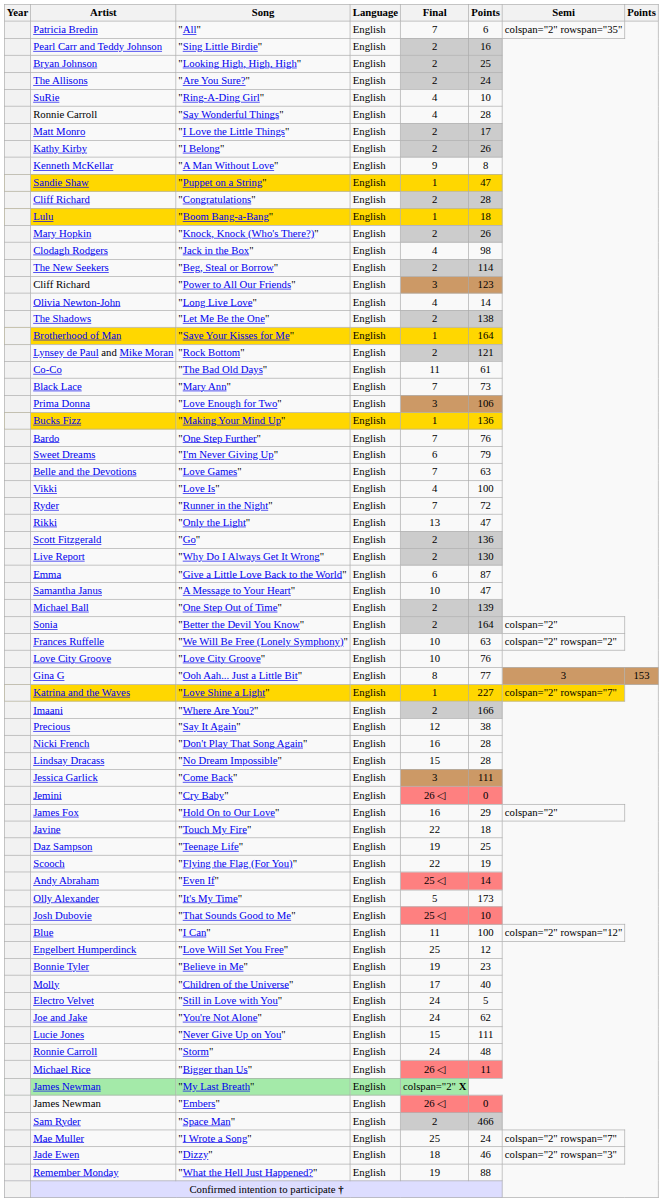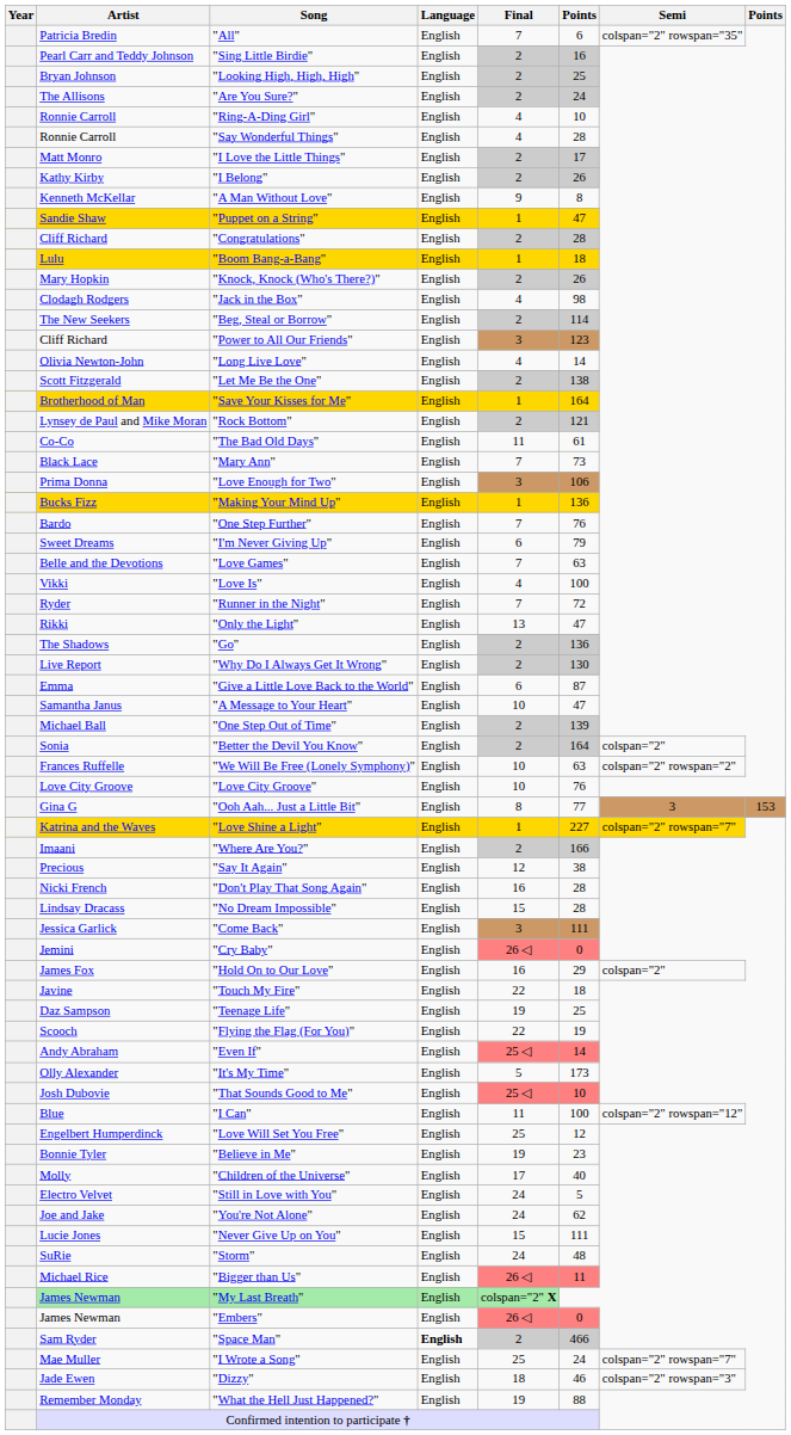 <table class="wikitable sortable plainrowheaders">
 <tr>
 <th scope="col">Year</th>
 <th scope="col">Artist</th>
 <th scope="col">Song</th>
 <th scope="col">Language</th>
 <th scope="col" data-sort-type="number">Final</th>
 <th scope="col" data-sort-type="number">Points</th>
 <th scope="col" class="unsortable">Semi</th>
 <th scope="col" class="unsortable">Points</th>
 </tr>
 <tr>
 <th scope="row" style="text-align:center;"></th>
 <td><a href='#'>Patricia Bredin</a></td>
 <td>"<a href='#'>All</a>"</td>
 <td>English</td>
 <td style="text-align:center;">7</td>
 <td style="text-align:center;">6</td>
 <td>colspan="2" rowspan="35" </td>
 </tr>
 <tr>
 <th scope="row" style="text-align:center;"></th>
 <td><a href='#'>Pearl Carr and Teddy Johnson</a></td>
 <td>"<a href='#'>Sing Little Birdie</a>"</td>
 <td>English</td>
 <td style="text-align:center; background-color:#CCC;">2</td>
 <td style="text-align:center; background-color:#CCC;">16</td>
 </tr>
 <tr>
 <th scope="row" style="text-align:center;"></th>
 <td><a href='#'>Bryan Johnson</a></td>
 <td>"<a href='#'>Looking High, High, High</a>"</td>
 <td>English</td>
 <td style="text-align:center; background-color:#CCC;">2</td>
 <td style="text-align:center; background-color:#CCC;">25</td>
 </tr>
 <tr>
 <th scope="row" style="text-align:center;"></th>
 <td><a href='#'>The Allisons</a></td>
 <td>"<a href='#'>Are You Sure?</a>"</td>
 <td>English</td>
 <td style="text-align:center; background-color:#CCC;">2</td>
 <td style="text-align:center; background-color:#CCC;">24</td>
 </tr>
 <tr>
 <th scope="row" style="text-align:center;"></th>
-<td><a href='#'>SuRie</a></td>
+<td><a href='#'>Ronnie Carroll</a></td>
 <td>"<a href='#'>Ring-A-Ding Girl</a>"</td>
 <td>English</td>
 <td style="text-align:center;">4</td>
 <td style="text-align:center;">10</td>
 </tr>
 <tr>
 <th scope="row" style="text-align:center;"></th>
 <td>Ronnie Carroll</td>
 <td>"<a href='#'>Say Wonderful Things</a>"</td>
 <td>English</td>
 <td style="text-align:center;">4</td>
 <td style="text-align:center;">28</td>
 </tr>
 <tr>
 <th scope="row" style="text-align:center;"></th>
 <td><a href='#'>Matt Monro</a></td>
 <td>"<a href='#'>I Love the Little Things</a>"</td>
 <td>English</td>
 <td style="text-align:center; background-color:#CCC;">2</td>
 <td style="text-align:center; background-color:#CCC;">17</td>
 </tr>
 <tr>
 <th scope="row" style="text-align:center;"></th>
 <td><a href='#'>Kathy Kirby</a></td>
 <td>"<a href='#'>I Belong</a>"</td>
 <td>English</td>
 <td style="text-align:center; background-color:#CCC;">2</td>
 <td style="text-align:center; background-color:#CCC;">26</td>
 </tr>
 <tr>
 <th scope="row" style="text-align:center;"></th>
 <td><a href='#'>Kenneth McKellar</a></td>
 <td>"<a href='#'>A Man Without Love</a>"</td>
 <td>English</td>
 <td style="text-align:center;">9</td>
 <td style="text-align:center;">8</td>
 </tr>
 <tr style="background-color:#FFD700;">
 <th scope="row" style="text-align:center;"></th>
 <td><a href='#'>Sandie Shaw</a></td>
 <td>"<a href='#'>Puppet on a String</a>"</td>
 <td>English</td>
 <td style="text-align:center;">1</td>
 <td style="text-align:center;">47</td>
 </tr>
 <tr>
 <th scope="row" style="text-align:center;"></th>
 <td><a href='#'>Cliff Richard</a></td>
 <td>"<a href='#'>Congratulations</a>"</td>
 <td>English</td>
 <td style="text-align:center; background-color:#CCC;">2</td>
 <td style="text-align:center; background-color:#CCC;">28</td>
 </tr>
 <tr style="background-color:#FFD700;">
 <th scope="row" style="text-align:center;"></th>
 <td><a href='#'>Lulu</a></td>
 <td>"<a href='#'>Boom Bang-a-Bang</a>"</td>
 <td>English</td>
 <td style="text-align:center;">1</td>
 <td style="text-align:center;">18</td>
 </tr>
 <tr>
 <th scope="row" style="text-align:center;"></th>
 <td><a href='#'>Mary Hopkin</a></td>
 <td>"<a href='#'>Knock, Knock (Who's There?)</a>"</td>
 <td>English</td>
 <td style="text-align:center; background-color:#CCC;">2</td>
 <td style="text-align:center; background-color:#CCC;">26</td>
 </tr>
 <tr>
 <th scope="row" style="text-align:center;"></th>
 <td><a href='#'>Clodagh Rodgers</a></td>
 <td>"<a href='#'>Jack in the Box</a>"</td>
 <td>English</td>
 <td style="text-align:center;">4</td>
 <td style="text-align:center;">98</td>
 </tr>
 <tr>
 <th scope="row" style="text-align:center;"></th>
 <td><a href='#'>The New Seekers</a></td>
 <td>"<a href='#'>Beg, Steal or Borrow</a>"</td>
 <td>English</td>
 <td style="text-align:center; background-color:#CCC;">2</td>
 <td style="text-align:center; background-color:#CCC;">114</td>
 </tr>
 <tr>
 <th scope="row" style="text-align:center;"></th>
 <td>Cliff Richard</td>
 <td>"<a href='#'>Power to All Our Friends</a>"</td>
 <td>English</td>
 <td style="text-align:center; background-color:#C96;">3</td>
 <td style="text-align:center; background-color:#C96;">123</td>
 </tr>
 <tr>
 <th scope="row" style="text-align:center;"></th>
 <td><a href='#'>Olivia Newton-John</a></td>
 <td>"<a href='#'>Long Live Love</a>"</td>
 <td>English</td>
 <td style="text-align:center;">4</td>
 <td style="text-align:center;">14</td>
 </tr>
 <tr>
 <th scope="row" style="text-align:center;"></th>
-<td><a href='#'>The Shadows</a></td>
+<td><a href='#'>Scott Fitzgerald</a></td>
 <td>"<a href='#'>Let Me Be the One</a>"</td>
 <td>English</td>
 <td style="text-align:center; background-color:#CCC;">2</td>
 <td style="text-align:center; background-color:#CCC;">138</td>
 </tr>
 <tr style="background-color:#FFD700;">
 <th scope="row" style="text-align:center;"></th>
 <td><a href='#'>Brotherhood of Man</a></td>
 <td>"<a href='#'>Save Your Kisses for Me</a>"</td>
 <td>English</td>
 <td style="text-align:center;">1</td>
 <td style="text-align:center;">164</td>
 </tr>
 <tr>
 <th scope="row" style="text-align:center;"></th>
 <td><a href='#'>Lynsey de Paul</a> and <a href='#'>Mike Moran</a></td>
 <td>"<a href='#'>Rock Bottom</a>"</td>
 <td>English</td>
 <td style="text-align:center; background-color:#CCC;">2</td>
 <td style="text-align:center; background-color:#CCC;">121</td>
 </tr>
 <tr>
 <th scope="row" style="text-align:center;"></th>
 <td><a href='#'>Co-Co</a></td>
 <td>"<a href='#'>The Bad Old Days</a>"</td>
 <td>English</td>
 <td style="text-align:center;">11</td>
 <td style="text-align:center;">61</td>
 </tr>
 <tr>
 <th scope="row" style="text-align:center;"></th>
 <td><a href='#'>Black Lace</a></td>
 <td>"<a href='#'>Mary Ann</a>"</td>
 <td>English</td>
 <td style="text-align:center;">7</td>
 <td style="text-align:center;">73</td>
 </tr>
 <tr>
 <th scope="row" style="text-align:center;"></th>
 <td><a href='#'>Prima Donna</a></td>
 <td>"<a href='#'>Love Enough for Two</a>"</td>
 <td>English</td>
 <td style="text-align:center; background-color:#C96;">3</td>
 <td style="text-align:center; background-color:#C96;">106</td>
 </tr>
 <tr style="background-color:#FFD700;">
 <th scope="row" style="text-align:center;"></th>
 <td><a href='#'>Bucks Fizz</a></td>
 <td>"<a href='#'>Making Your Mind Up</a>"</td>
 <td>English</td>
 <td style="text-align:center;">1</td>
 <td style="text-align:center;">136</td>
 </tr>
 <tr>
 <th scope="row" style="text-align:center;"></th>
 <td><a href='#'>Bardo</a></td>
 <td>"<a href='#'>One Step Further</a>"</td>
 <td>English</td>
 <td style="text-align:center;">7</td>
 <td style="text-align:center;">76</td>
 </tr>
 <tr>
 <th scope="row" style="text-align:center;"></th>
 <td><a href='#'>Sweet Dreams</a></td>
 <td>"<a href='#'>I'm Never Giving Up</a>"</td>
 <td>English</td>
 <td style="text-align:center;">6</td>
 <td style="text-align:center;">79</td>
 </tr>
 <tr>
 <th scope="row" style="text-align:center;"></th>
 <td><a href='#'>Belle and the Devotions</a></td>
 <td>"<a href='#'>Love Games</a>"</td>
 <td>English</td>
 <td style="text-align:center;">7</td>
 <td style="text-align:center;">63</td>
 </tr>
 <tr>
 <th scope="row" style="text-align:center;"></th>
 <td><a href='#'>Vikki</a></td>
 <td>"<a href='#'>Love Is</a>"</td>
 <td>English</td>
 <td style="text-align:center;">4</td>
 <td style="text-align:center;">100</td>
 </tr>
 <tr>
 <th scope="row" style="text-align:center;"></th>
 <td><a href='#'>Ryder</a></td>
 <td>"<a href='#'>Runner in the Night</a>"</td>
 <td>English</td>
 <td style="text-align:center;">7</td>
 <td style="text-align:center;">72</td>
 </tr>
 <tr>
 <th scope="row" style="text-align:center;"></th>
 <td><a href='#'>Rikki</a></td>
 <td>"<a href='#'>Only the Light</a>"</td>
 <td>English</td>
 <td style="text-align:center;">13</td>
 <td style="text-align:center;">47</td>
 </tr>
 <tr>
 <th scope="row" style="text-align:center;"></th>
-<td><a href='#'>Scott Fitzgerald</a></td>
+<td><a href='#'>The Shadows</a></td>
 <td>"<a href='#'>Go</a>"</td>
 <td>English</td>
 <td style="text-align:center; background-color:#CCC;">2</td>
 <td style="text-align:center; background-color:#CCC;">136</td>
 </tr>
 <tr>
 <th scope="row" style="text-align:center;"></th>
 <td><a href='#'>Live Report</a></td>
 <td>"<a href='#'>Why Do I Always Get It Wrong</a>"</td>
 <td>English</td>
 <td style="text-align:center; background-color:#CCC;">2</td>
 <td style="text-align:center; background-color:#CCC;">130</td>
 </tr>
 <tr>
 <th scope="row" style="text-align:center;"></th>
 <td><a href='#'>Emma</a></td>
 <td>"<a href='#'>Give a Little Love Back to the World</a>"</td>
 <td>English</td>
 <td style="text-align:center;">6</td>
 <td style="text-align:center;">87</td>
 </tr>
 <tr>
 <th scope="row" style="text-align:center;"></th>
 <td><a href='#'>Samantha Janus</a></td>
 <td>"<a href='#'>A Message to Your Heart</a>"</td>
 <td>English</td>
 <td style="text-align:center;">10</td>
 <td style="text-align:center;">47</td>
 </tr>
 <tr>
 <th scope="row" style="text-align:center;"></th>
 <td><a href='#'>Michael Ball</a></td>
 <td>"<a href='#'>One Step Out of Time</a>"</td>
 <td>English</td>
 <td style="text-align:center; background-color:#CCC;">2</td>
 <td style="text-align:center; background-color:#CCC;">139</td>
 </tr>
 <tr>
 <th scope="row" style="text-align:center;"></th>
 <td><a href='#'>Sonia</a></td>
 <td>"<a href='#'>Better the Devil You Know</a>"</td>
 <td>English</td>
 <td style="text-align:center; background-color:#CCC;">2</td>
 <td style="text-align:center; background-color:#CCC;">164</td>
 <td>colspan="2" </td>
 </tr>
 <tr>
 <th scope="row" style="text-align:center;"></th>
 <td><a href='#'>Frances Ruffelle</a></td>
 <td>"<a href='#'>We Will Be Free (Lonely Symphony)</a>"</td>
 <td>English</td>
 <td style="text-align:center;">10</td>
 <td style="text-align:center;">63</td>
 <td>colspan="2" rowspan="2" </td>
 </tr>
 <tr>
 <th scope="row" style="text-align:center;"></th>
 <td><a href='#'>Love City Groove</a></td>
 <td>"<a href='#'>Love City Groove</a>"</td>
 <td>English</td>
 <td style="text-align:center;">10</td>
 <td style="text-align:center;">76</td>
 </tr>
 <tr>
 <th scope="row" style="text-align:center;"></th>
 <td><a href='#'>Gina G</a></td>
 <td>"<a href='#'>Ooh Aah... Just a Little Bit</a>"</td>
 <td>English</td>
 <td style="text-align:center;">8</td>
 <td style="text-align:center;">77</td>
 <td style="text-align:center; background-color:#C96;">3</td>
 <td style="text-align:center; background-color:#C96;">153</td>
 </tr>
 <tr style="background-color:#FFD700;">
 <th scope="row" style="text-align:center;"></th>
 <td><a href='#'>Katrina and the Waves</a></td>
 <td>"<a href='#'>Love Shine a Light</a>"</td>
 <td>English</td>
 <td style="text-align:center;">1</td>
 <td style="text-align:center;">227</td>
 <td>colspan="2" rowspan="7" </td>
 </tr>
 <tr>
 <th scope="row" style="text-align:center;"></th>
 <td><a href='#'>Imaani</a></td>
 <td>"<a href='#'>Where Are You?</a>"</td>
 <td>English</td>
 <td style="text-align:center; background-color:#CCC;">2</td>
 <td style="text-align:center; background-color:#CCC;">166</td>
 </tr>
 <tr>
 <th scope="row" style="text-align:center;"></th>
 <td><a href='#'>Precious</a></td>
 <td>"<a href='#'>Say It Again</a>"</td>
 <td>English</td>
 <td style="text-align:center;">12</td>
 <td style="text-align:center;">38</td>
 </tr>
 <tr>
 <th scope="row" style="text-align:center;"></th>
 <td><a href='#'>Nicki French</a></td>
 <td>"<a href='#'>Don't Play That Song Again</a>"</td>
 <td>English</td>
 <td style="text-align:center;">16</td>
 <td style="text-align:center;">28</td>
 </tr>
 <tr>
 <th scope="row" style="text-align:center;"></th>
 <td><a href='#'>Lindsay Dracass</a></td>
 <td>"<a href='#'>No Dream Impossible</a>"</td>
 <td>English</td>
 <td style="text-align:center;">15</td>
 <td style="text-align:center;">28</td>
 </tr>
 <tr>
 <th scope="row" style="text-align:center;"></th>
 <td><a href='#'>Jessica Garlick</a></td>
 <td>"<a href='#'>Come Back</a>"</td>
 <td>English</td>
 <td style="text-align:center; background-color:#C96;">3</td>
 <td style="text-align:center; background-color:#C96;">111</td>
 </tr>
 <tr>
 <th scope="row" style="text-align:center;"></th>
 <td><a href='#'>Jemini</a></td>
 <td>"<a href='#'>Cry Baby</a>"</td>
 <td>English</td>
 <td style="text-align:center; background-color:#FE8080;">26 ◁</td>
 <td style="text-align:center; background-color:#FE8080;">0</td>
 </tr>
 <tr>
 <th scope="row" style="text-align:center;"></th>
 <td><a href='#'>James Fox</a></td>
 <td>"<a href='#'>Hold On to Our Love</a>"</td>
 <td>English</td>
 <td style="text-align:center;">16</td>
 <td style="text-align:center;">29</td>
 <td>colspan="2" </td>
 </tr>
 <tr>
 <th scope="row" style="text-align:center;"></th>
 <td><a href='#'>Javine</a></td>
 <td>"<a href='#'>Touch My Fire</a>"</td>
 <td>English</td>
 <td style="text-align:center;">22</td>
 <td style="text-align:center;">18</td>
 </tr>
 <tr>
 <th scope="row" style="text-align:center;"></th>
 <td><a href='#'>Daz Sampson</a></td>
 <td>"<a href='#'>Teenage Life</a>"</td>
 <td>English</td>
 <td style="text-align:center;">19</td>
 <td style="text-align:center;">25</td>
 </tr>
 <tr>
 <th scope="row" style="text-align:center;"></th>
 <td><a href='#'>Scooch</a></td>
 <td>"<a href='#'>Flying the Flag (For You)</a>"</td>
 <td>English</td>
 <td style="text-align:center;">22</td>
 <td style="text-align:center;">19</td>
 </tr>
 <tr>
 <th scope="row" style="text-align:center;"></th>
 <td><a href='#'>Andy Abraham</a></td>
 <td>"<a href='#'>Even If</a>"</td>
 <td>English</td>
 <td style="text-align:center; background-color:#FE8080;">25 ◁</td>
 <td style="text-align:center; background-color:#FE8080;">14</td>
 </tr>
 <tr>
 <th scope="row" style="text-align:center;"></th>
 <td><a href='#'>Olly Alexander</a></td>
 <td>"<a href='#'>It's My Time</a>"</td>
 <td>English</td>
 <td style="text-align:center;">5</td>
 <td style="text-align:center;">173</td>
 </tr>
 <tr>
 <th scope="row" style="text-align:center;"></th>
 <td><a href='#'>Josh Dubovie</a></td>
 <td>"<a href='#'>That Sounds Good to Me</a>"</td>
 <td>English</td>
 <td style="text-align:center; background-color:#FE8080;">25 ◁</td>
 <td style="text-align:center; background-color:#FE8080;">10</td>
 </tr>
 <tr>
 <th scope="row" style="text-align:center;"></th>
 <td><a href='#'>Blue</a></td>
 <td>"<a href='#'>I Can</a>"</td>
 <td>English</td>
 <td style="text-align:center;">11</td>
 <td style="text-align:center;">100</td>
 <td>colspan="2" rowspan="12" </td>
 </tr>
 <tr>
 <th scope="row" style="text-align:center;"></th>
 <td><a href='#'>Engelbert Humperdinck</a></td>
 <td>"<a href='#'>Love Will Set You Free</a>"</td>
 <td>English</td>
 <td style="text-align:center;">25</td>
 <td style="text-align:center;">12</td>
 </tr>
 <tr>
 <th scope="row" style="text-align:center;"></th>
 <td><a href='#'>Bonnie Tyler</a></td>
 <td>"<a href='#'>Believe in Me</a>"</td>
 <td>English</td>
 <td style="text-align:center;">19</td>
 <td style="text-align:center;">23</td>
 </tr>
 <tr>
 <th scope="row" style="text-align:center;"></th>
 <td><a href='#'>Molly</a></td>
 <td>"<a href='#'>Children of the Universe</a>"</td>
 <td>English</td>
 <td style="text-align:center;">17</td>
 <td style="text-align:center;">40</td>
 </tr>
 <tr>
 <th scope="row" style="text-align:center;"></th>
 <td><a href='#'>Electro Velvet</a></td>
 <td>"<a href='#'>Still in Love with You</a>"</td>
 <td>English</td>
 <td style="text-align:center;">24</td>
 <td style="text-align:center;">5</td>
 </tr>
 <tr>
 <th scope="row" style="text-align:center;"></th>
 <td><a href='#'>Joe and Jake</a></td>
 <td>"<a href='#'>You're Not Alone</a>"</td>
 <td>English</td>
 <td style="text-align:center;">24</td>
 <td style="text-align:center;">62</td>
 </tr>
 <tr>
 <th scope="row" style="text-align:center;"></th>
 <td><a href='#'>Lucie Jones</a></td>
 <td>"<a href='#'>Never Give Up on You</a>"</td>
 <td>English</td>
 <td style="text-align:center;">15</td>
 <td style="text-align:center;">111</td>
 </tr>
 <tr>
 <th scope="row" style="text-align:center;"></th>
-<td><a href='#'>Ronnie Carroll</a></td>
+<td><a href='#'>SuRie</a></td>
 <td>"<a href='#'>Storm</a>"</td>
 <td>English</td>
 <td style="text-align:center;">24</td>
 <td style="text-align:center;">48</td>
 </tr>
 <tr>
 <th scope="row" style="text-align:center;"></th>
 <td><a href='#'>Michael Rice</a></td>
 <td>"<a href='#'>Bigger than Us</a>"</td>
 <td>English</td>
 <td style="text-align:center; background-color:#FE8080;">26 ◁</td>
 <td style="text-align:center; background-color:#FE8080;">11</td>
 </tr>
 <tr style="background-color:#A4EAA9;">
 <th scope="row" style="text-align:center;"></th>
 <td><a href='#'>James Newman</a></td>
 <td>"<a href='#'>My Last Breath</a>"</td>
 <td>English</td>
 <td>colspan="2"  <strong>X</strong></td>
 </tr>
 <tr>
 <th scope="row" style="text-align:center;"></th>
 <td>James Newman</td>
 <td>"<a href='#'>Embers</a>"</td>
 <td>English</td>
 <td style="text-align:center; background-color:#FE8080;">26 ◁</td>
 <td style="text-align:center; background-color:#FE8080;">0</td>
 </tr>
 <tr>
 <th scope="row" style="text-align:center;"></th>
 <td><a href='#'>Sam Ryder</a></td>
 <td>"<a href='#'>Space Man</a>"</td>
-<td>English</td>
+<td><strong>English</strong></td>
 <td style="text-align:center; background-color:#CCC;">2</td>
 <td style="text-align:center; background-color:#CCC;">466</td>
 </tr>
 <tr>
 <th scope="row" style="text-align:center;"></th>
 <td><a href='#'>Mae Muller</a></td>
 <td>"<a href='#'>I Wrote a Song</a>"</td>
 <td>English</td>
 <td style="text-align:center;">25</td>
 <td style="text-align:center;">24</td>
 <td>colspan="2" rowspan="7" </td>
 </tr>
 <tr>
 <th scope="row" style="text-align:center;"></th>
 <td><a href='#'>Jade Ewen</a></td>
 <td>"<a href='#'>Dizzy</a>"</td>
 <td>English</td>
 <td style="text-align:center;">18</td>
 <td style="text-align:center;">46</td>
 <td>colspan="2" rowspan="3" </td>
 </tr>
 <tr>
 <th scope="row" style="text-align:center;"></th>
 <td><a href='#'>Remember Monday</a></td>
 <td>"<a href='#'>What the Hell Just Happened?</a>"</td>
 <td>English</td>
 <td style="text-align:center;">19</td>
 <td style="text-align:center;">88</td>
 </tr>
 <tr bgcolor=#ddf>
 <th scope="row" style="text-align:center;"></th>
 <td colspan="5" align="center">Confirmed intention to participate <strong>†</strong></td>
 </tr>
 </table>
